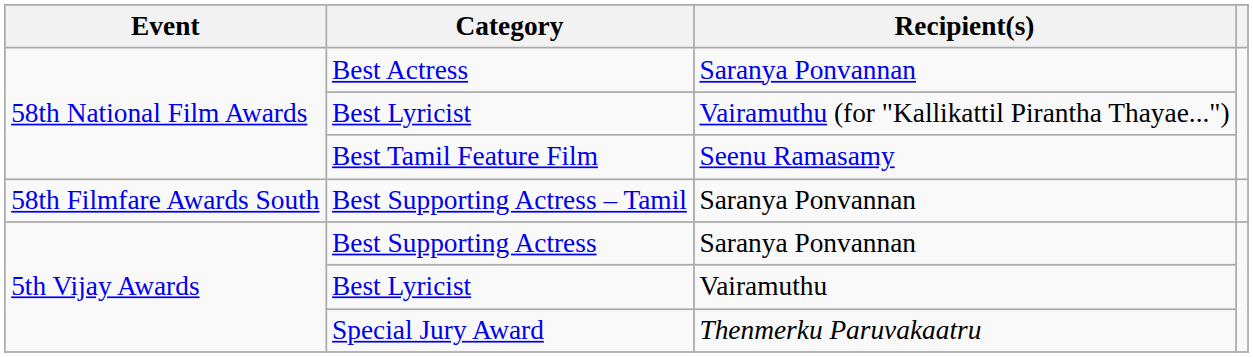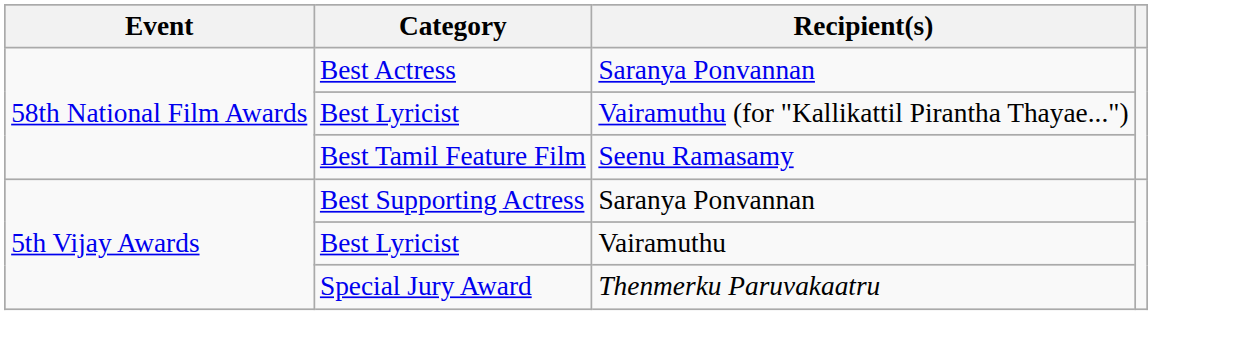 <table class="wikitable unsortable">
 <tr>
 <th>Event</th>
 <th>Category</th>
 <th>Recipient(s)</th>
 <th></th>
 </tr>
 <tr>
 <td rowspan="3"><a href='#'>58th National Film Awards</a></td>
 <td><a href='#'>Best Actress</a></td>
 <td><a href='#'>Saranya Ponvannan</a></td>
 <td rowspan="3" style="text-align: center;"><br></td>
 </tr>
 <tr>
 <td><a href='#'>Best Lyricist</a></td>
 <td><a href='#'>Vairamuthu</a> (for "Kallikattil Pirantha Thayae...")</td>
 </tr>
 <tr>
 <td><a href='#'>Best Tamil Feature Film</a></td>
 <td><a href='#'>Seenu Ramasamy</a></td>
 </tr>
 <tr>
-<td><a href='#'>58th Filmfare Awards South</a></td>
-<td><a href='#'>Best Supporting Actress – Tamil</a></td>
-<td>Saranya Ponvannan</td>
-<td style="text-align: center;"></td>
-</tr>
-<tr>
 <td rowspan="3"><a href='#'>5th Vijay Awards</a></td>
 <td><a href='#'>Best Supporting Actress</a></td>
 <td>Saranya Ponvannan</td>
 <td rowspan="3" style="text-align: center;"></td>
 </tr>
 <tr>
 <td><a href='#'>Best Lyricist</a></td>
 <td>Vairamuthu</td>
 </tr>
 <tr>
 <td><a href='#'>Special Jury Award</a></td>
 <td><em>Thenmerku Paruvakaatru</em></td>
 </tr>
 </table>
